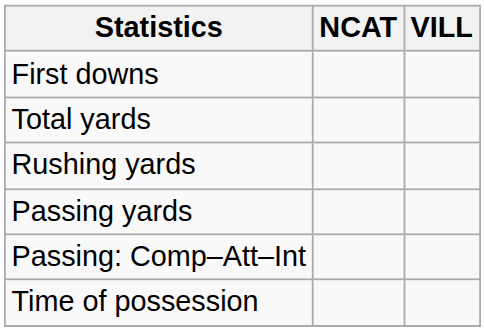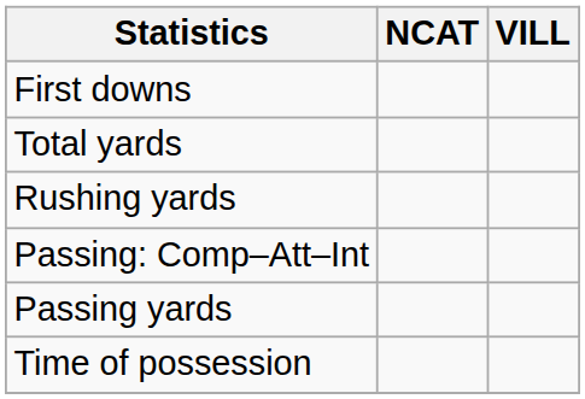 <table class="wikitable" style="float: left;">
 <tr>
 <th>Statistics</th>
 <th>NCAT</th>
 <th>VILL</th>
 </tr>
 <tr>
 <td>First downs</td>
 <td></td>
 <td></td>
 </tr>
 <tr>
 <td>Total yards</td>
 <td></td>
 <td></td>
 </tr>
 <tr>
 <td>Rushing yards</td>
 <td></td>
 <td></td>
 </tr>
 <tr>
-<td>Passing yards</td>
+<td>Passing: Comp–Att–Int</td>
 <td></td>
 <td></td>
 </tr>
 <tr>
-<td>Passing: Comp–Att–Int</td>
+<td>Passing yards</td>
 <td></td>
 <td></td>
 </tr>
 <tr>
 <td>Time of possession</td>
 <td></td>
 <td></td>
 </tr>
 <tr>
 </tr>
 </table>
